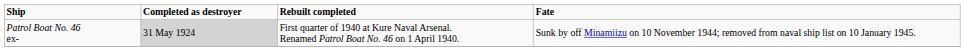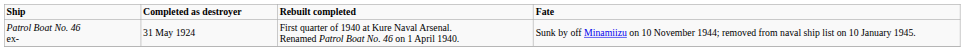 <table class="wikitable">
 <tr>
 <td width="8%"><strong>Ship</strong></td>
 <td width="8%" bgcolor=><strong>Completed as destroyer</strong></td>
 <td width="15%" bgcolor=><strong>Rebuilt completed</strong></td>
 <td width="25%" bgcolor=><strong>Fate</strong></td>
 </tr>
 <tr>
 <td><em>Patrol Boat No. 46</em><br>ex-</td>
-<td style="background: lightgrey;">31 May 1924</td>
+<td>31 May 1924</td>
 <td>First quarter of 1940 at Kure Naval Arsenal.<br>Renamed <em>Patrol Boat No. 46</em> on 1 April 1940.</td>
 <td>Sunk by  off <a href='#'>Minamiizu</a>  on 10 November 1944; removed from naval ship list on 10 January 1945.</td>
 </tr>
 <tr>
 </tr>
 </table>
